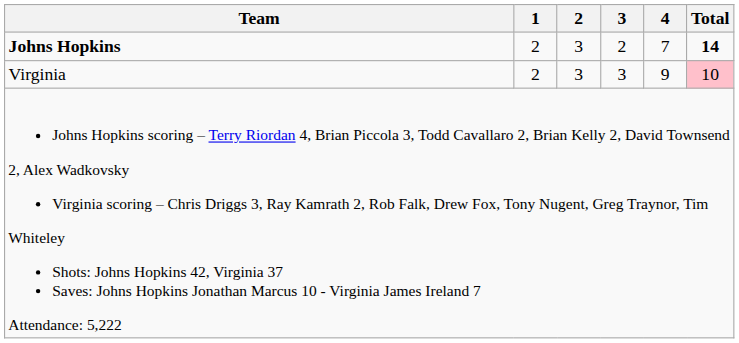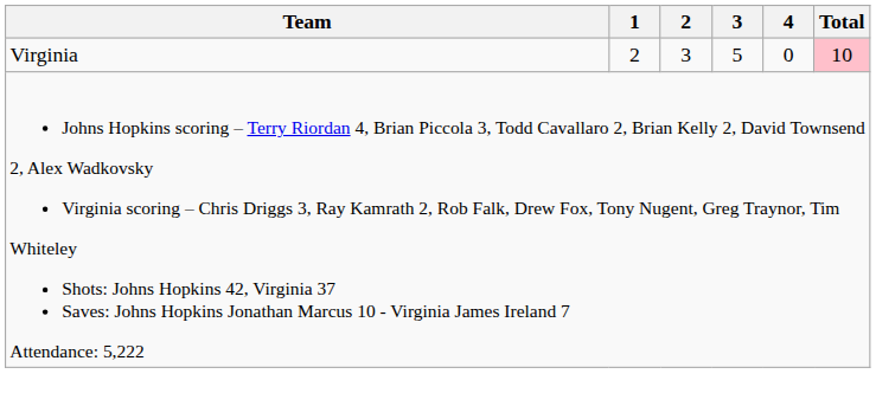 <table class="wikitable" style="text-align:center; max-width:45em">
 <tr>
 <th>Team</th>
 <th style="width:2em">1</th>
 <th style="width:2em">2</th>
 <th style="width:2em">3</th>
 <th style="width:2em">4</th>
 <th style="width:2em">Total</th>
 </tr>
 <tr>
-<td style="text-align:left"><strong>Johns Hopkins</strong></td>
-<td>2</td>
-<td>3</td>
-<td>2</td>
-<td>7</td>
-<td><strong>14</strong></td>
-</tr>
-<tr>
 <td style="text-align:left">Virginia</td>
 <td>2</td>
 <td>3</td>
-<td>3</td>
-<td>9</td>
+<td>5</td>
+<td>0</td>
 <td style="background: pink;">10</td>
 </tr>
 <tr>
 <td colspan=6 style="text-align:left; font-size:88%;"><br><ul><li>Johns Hopkins scoring – <a href='#'>Terry Riordan</a> 4, Brian Piccola 3, Todd Cavallaro 2, Brian Kelly 2, David Townsend</li></ul>2, Alex Wadkovsky<ul><li>Virginia scoring – Chris Driggs 3, Ray Kamrath 2, Rob Falk, Drew Fox, Tony Nugent, Greg Traynor, Tim</li></ul>Whiteley<ul><li>Shots: Johns Hopkins 42, Virginia 37</li><li>Saves: Johns Hopkins Jonathan Marcus 10 - Virginia James Ireland 7</li></ul>Attendance: 5,222 </td>
 </tr>
 </table>
